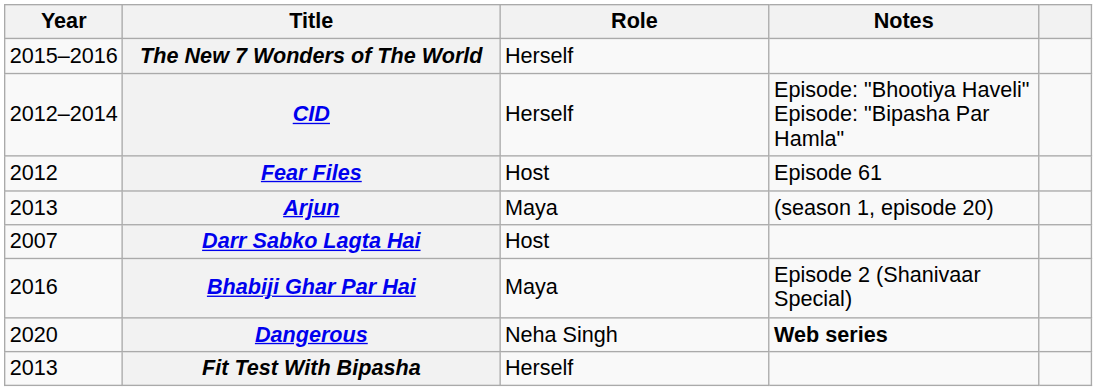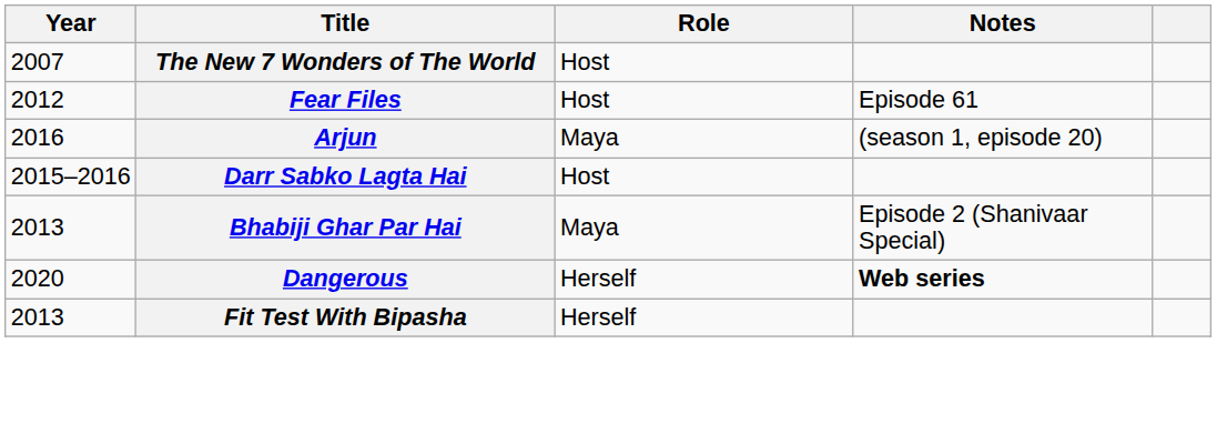 <table class="wikitable sortable plainrowheaders" style="text-align: margin;">
 <tr>
 <th scope="col">Year</th>
 <th scope="col" style="width: 17em;">Title</th>
 <th scope="col" style="width: 12em;">Role</th>
 <th scope="col" style="width: 12em;">Notes</th>
 <th scope="col" style="width: 2em;" class="unsortable"></th>
 </tr>
 <tr>
-<td>2015–2016</td>
+<td>2007</td>
 <th scope="row"><em>The New 7 Wonders of The World</em></th>
-<td>Herself</td>
+<td>Host</td>
 <td></td>
-<td></td>
-</tr>
-<tr>
-<td>2012–2014</td>
-<th><a href='#'><em>CID</em></a></th>
-<td>Herself</td>
-<td>Episode: "Bhootiya Haveli"<br>Episode: "Bipasha Par Hamla"</td>
 <td></td>
 </tr>
 <tr>
 <td>2012</td>
 <th><a href='#'><em>Fear Files</em></a></th>
 <td>Host</td>
 <td>Episode 61</td>
 <td></td>
 </tr>
 <tr>
-<td>2013</td>
+<td>2016</td>
 <th><a href='#'><em>Arjun</em></a></th>
 <td>Maya</td>
 <td>(season 1, episode 20)</td>
 <td></td>
 </tr>
 <tr>
-<td>2007</td>
+<td>2015–2016</td>
 <th scope="row"><em><a href='#'>Darr Sabko Lagta Hai</a></em></th>
 <td>Host</td>
 <td></td>
 <td style="text-align: center;"></td>
 </tr>
 <tr>
-<td>2016</td>
+<td>2013</td>
 <th scope="row"><a href='#'><em>Bhabiji Ghar Par Hai</em></a></th>
 <td>Maya</td>
 <td>Episode 2 (Shanivaar Special)</td>
 <td></td>
 </tr>
 <tr>
 <td>2020</td>
 <th scope="row"><em><a href='#'>Dangerous</a></em></th>
-<td>Neha Singh</td>
+<td>Herself</td>
 <td><strong>Web series</strong></td>
 <td style="text-align: center;"></td>
 </tr>
 <tr>
 <td>2013</td>
 <th scope="row"><em>Fit Test With Bipasha</em></th>
 <td>Herself</td>
 <td></td>
 <td></td>
 </tr>
 </table>
